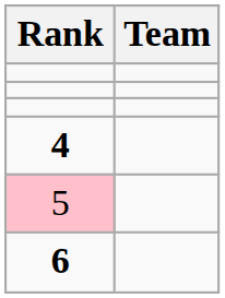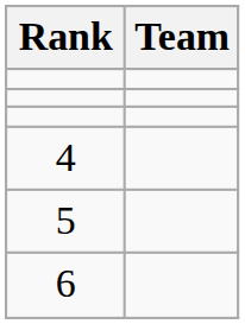 <table class="wikitable" style="text-align: center;">
 <tr>
 <th width=40>Rank</th>
 <th>Team</th>
 </tr>
 <tr align=center>
 <td></td>
 <td style="text-align:left;"></td>
 </tr>
 <tr align=center>
 <td></td>
 <td style="text-align:left;"></td>
 </tr>
 <tr align=center>
 <td></td>
 <td style="text-align:left;"></td>
 </tr>
 <tr align=center>
-<td><strong>4</strong></td>
+<td>4</td>
 <td style="text-align:left;"></td>
 </tr>
 <tr align=center>
-<td style="background: pink;">5</td>
+<td>5</td>
 <td style="text-align:left;"></td>
 </tr>
 <tr align=center>
-<td><strong>6</strong></td>
+<td>6</td>
 <td style="text-align:left;"></td>
 </tr>
 </table>
